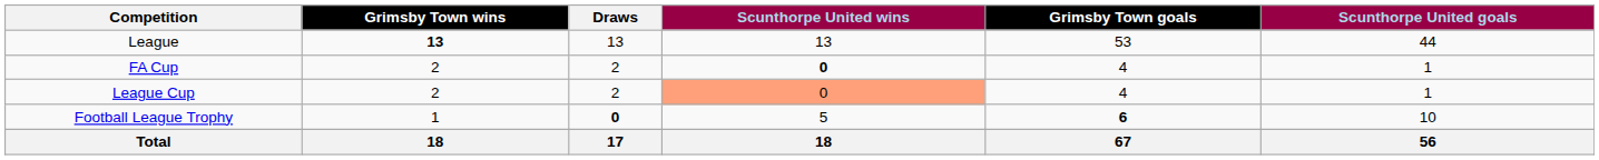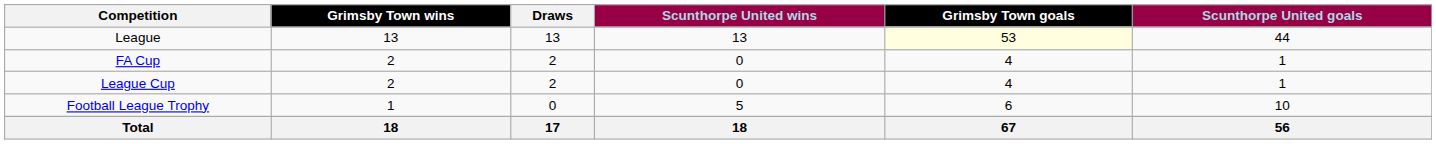 <table class="wikitable" style="text-align: center; width: 100%; font-size: 12px">
 <tr>
 <th>Competition</th>
 <th style="background:#000000; color:white">Grimsby Town wins</th>
 <th>Draws</th>
 <th style="background:#970045; color:#ADD8E6">Scunthorpe United wins</th>
 <th style="background:#000000; color:white">Grimsby Town goals</th>
 <th style="background:#970045; color:#ADD8E6">Scunthorpe United goals</th>
 </tr>
 <tr>
 <td>League</td>
-<td><strong>13</strong></td>
 <td>13</td>
 <td>13</td>
-<td>53</td>
+<td>13</td>
+<td style="background: lightyellow;">53</td>
 <td>44</td>
 </tr>
 <tr>
 <td><a href='#'>FA Cup</a></td>
 <td>2</td>
 <td>2</td>
-<td><strong>0</strong></td>
+<td>0</td>
 <td>4</td>
 <td>1</td>
 </tr>
 <tr>
 <td><a href='#'>League Cup</a></td>
 <td>2</td>
 <td>2</td>
-<td style="background: lightsalmon;">0</td>
+<td>0</td>
 <td>4</td>
 <td>1</td>
 </tr>
 <tr>
 <td><a href='#'>Football League Trophy</a></td>
 <td>1</td>
-<td><strong>0</strong></td>
+<td>0</td>
 <td>5</td>
-<td><strong>6</strong></td>
+<td>6</td>
 <td>10</td>
 </tr>
 <tr>
 </tr>
 <tr class="sortbottom">
 <th>Total</th>
 <th>18</th>
 <th>17</th>
 <th>18</th>
 <th>67</th>
 <th>56</th>
 </tr>
 </table>
